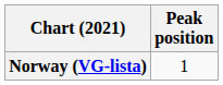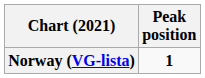 <table class="wikitable plainrowheaders" style="text-align:center">
 <tr>
 <th scope="col">Chart (2021)</th>
 <th scope="col">Peak<br>position</th>
 </tr>
 <tr>
 <th scope="row">Norway (<a href='#'>VG-lista</a>)</th>
-<td>1</td>
+<td><strong>1</strong></td>
 </tr>
 </table>
